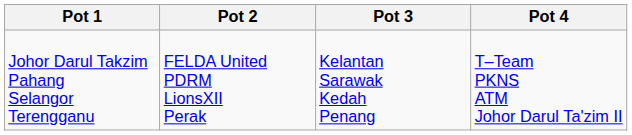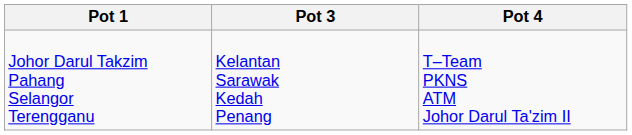 <table class=wikitable>
 <tr>
 <th width=25%>Pot 1</th>
-<th width=25%>Pot 2</th>
 <th width=25%>Pot 3</th>
 <th width=25%>Pot 4</th>
 </tr>
 <tr valign=top>
 <td><br><a href='#'>Johor Darul Takzim</a> <br> <a href='#'>Pahang</a><br> <a href='#'>Selangor</a> <br> <a href='#'>Terengganu</a> <br></td>
-<td><br><a href='#'>FELDA United</a><br> <a href='#'>PDRM</a><br>  <a href='#'>LionsXII</a><br> <a href='#'>Perak</a><br></td>
 <td><br><a href='#'>Kelantan</a><br> <a href='#'>Sarawak</a><br> <a href='#'>Kedah</a><br> <a href='#'>Penang</a><br></td>
 <td><br><a href='#'>T–Team</a><br> <a href='#'>PKNS</a><br> <a href='#'>ATM</a><br> <a href='#'>Johor Darul Ta'zim II</a></td>
 </tr>
 </table>
